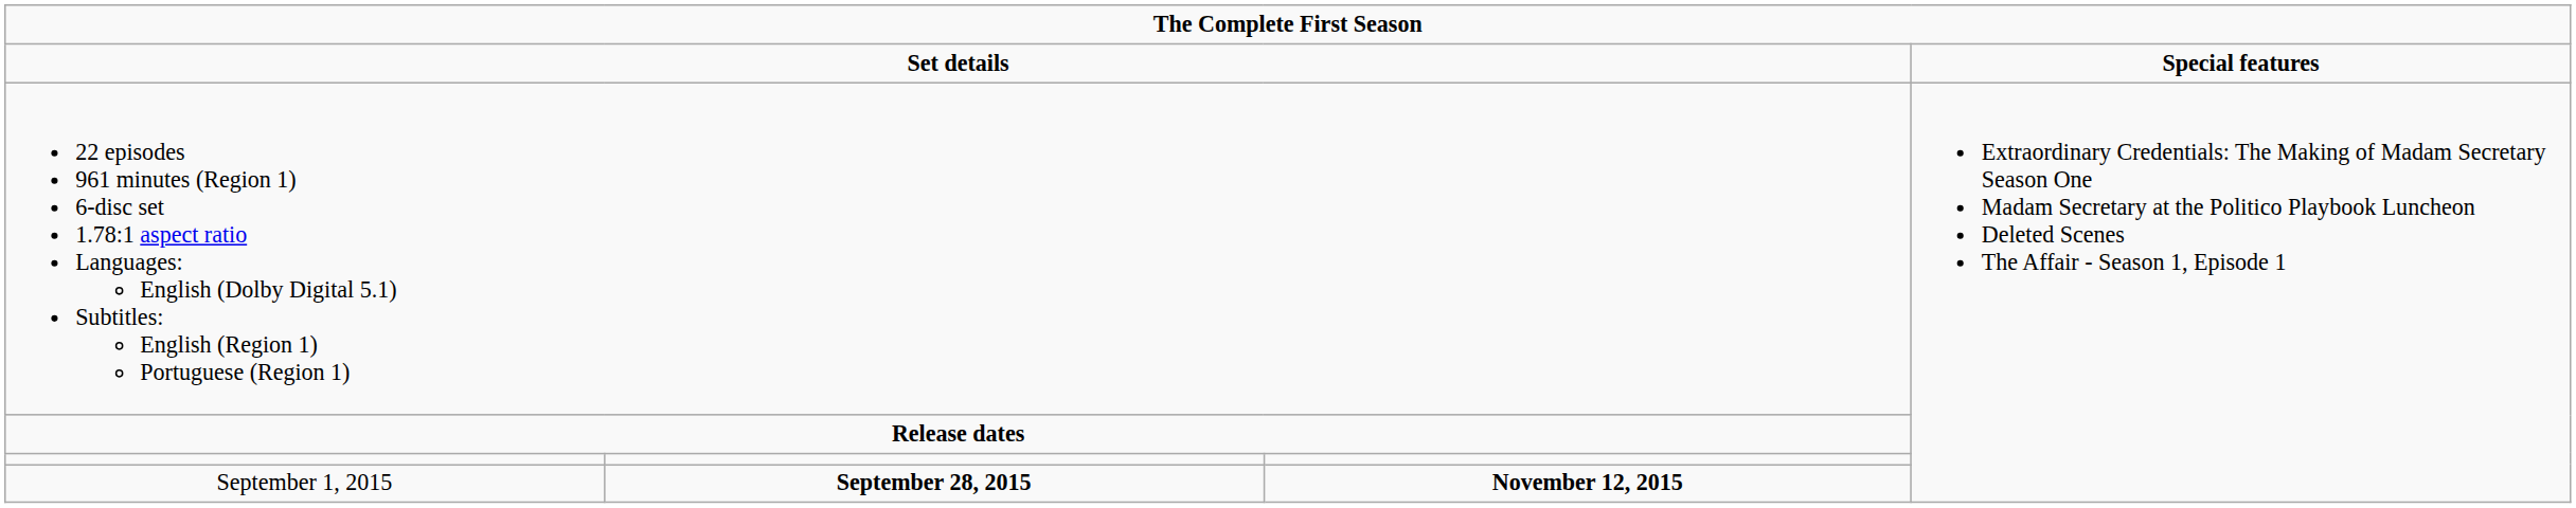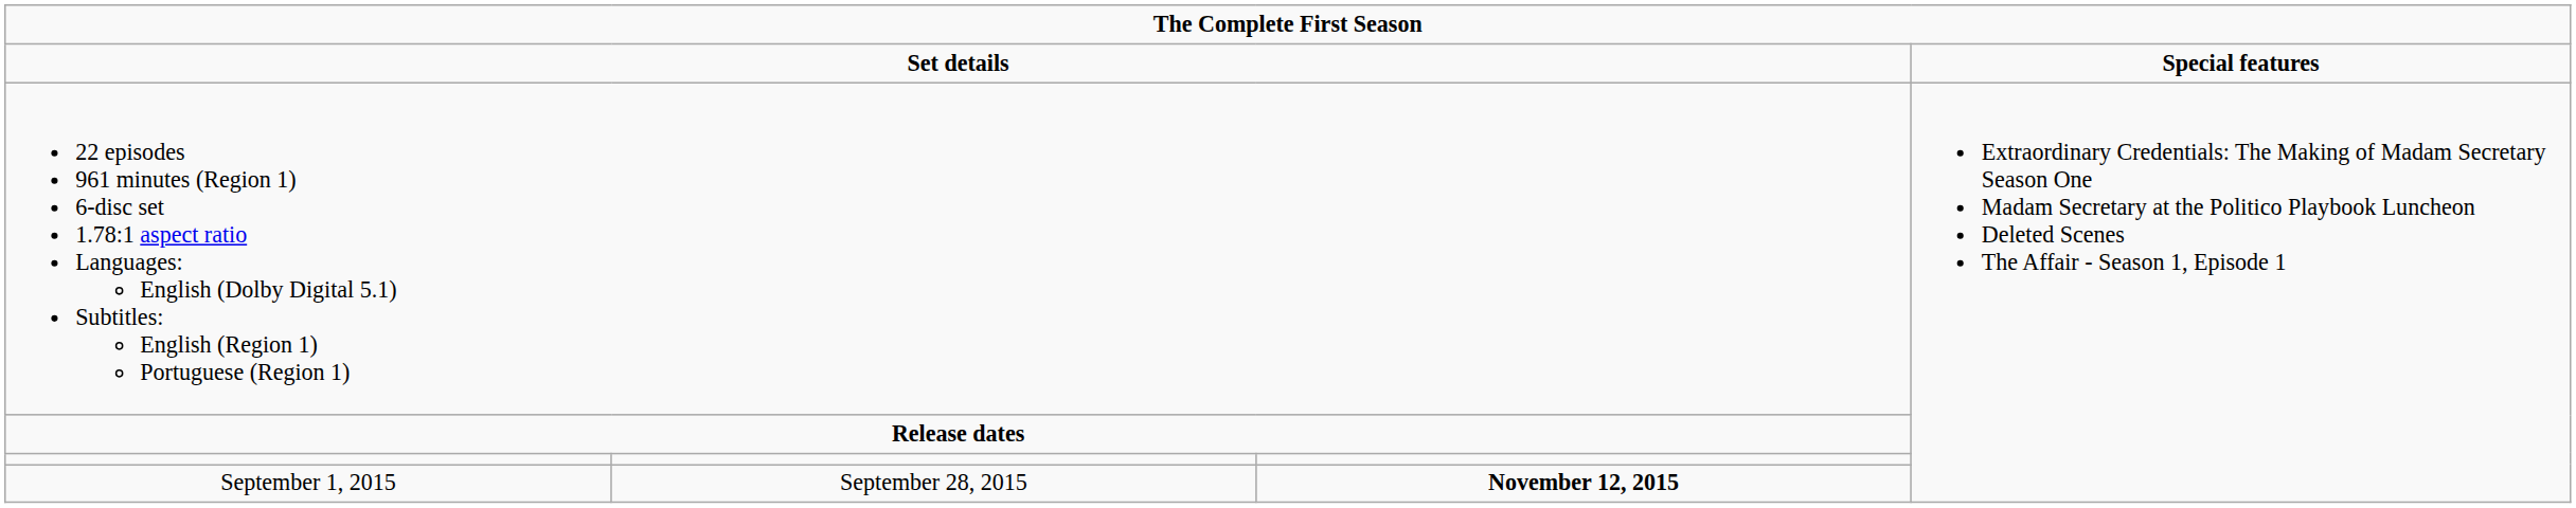 <table class="wikitable plainrowheaders" style="font-size:90%; text-align:center; width: 100%; margin-left: auto; margin-right: auto;">
 <tr>
 <td colspan="6"><strong>The Complete First Season</strong></td>
 </tr>
 <tr>
 <td align="center" width="300" colspan="3"><strong>Set details</strong></td>
 <td width="400" align="center"><strong>Special features</strong></td>
 </tr>
 <tr valign="top">
 <td colspan="3" align="left" width="300"><br><ul><li>22 episodes</li><li>961 minutes (Region 1)</li><li>6-disc set</li><li>1.78:1 <a href='#'>aspect ratio</a></li><li>Languages:<ul><li>English (Dolby Digital 5.1)</li></ul></li><li>Subtitles:<ul><li>English (Region 1)</li><li>Portuguese (Region 1)</li></ul></li></ul></td>
 <td rowspan="4" align="left" width="400"><br><ul><li>Extraordinary Credentials: The Making of Madam Secretary Season One</li><li>Madam Secretary at the Politico Playbook Luncheon</li><li>Deleted Scenes</li><li>The Affair - Season 1, Episode 1</li></ul></td>
 </tr>
 <tr>
 <td colspan="3" align="center"><strong>Release dates</strong></td>
 </tr>
 <tr>
 <td align="center"></td>
 <td align="center"></td>
 <td align="center"></td>
 </tr>
 <tr>
 <td align="center">September 1, 2015</td>
-<td align="center"><strong>September 28, 2015</strong></td>
+<td align="center">September 28, 2015</td>
 <td align="center"><strong>November 12, 2015</strong></td>
 </tr>
 </table>
